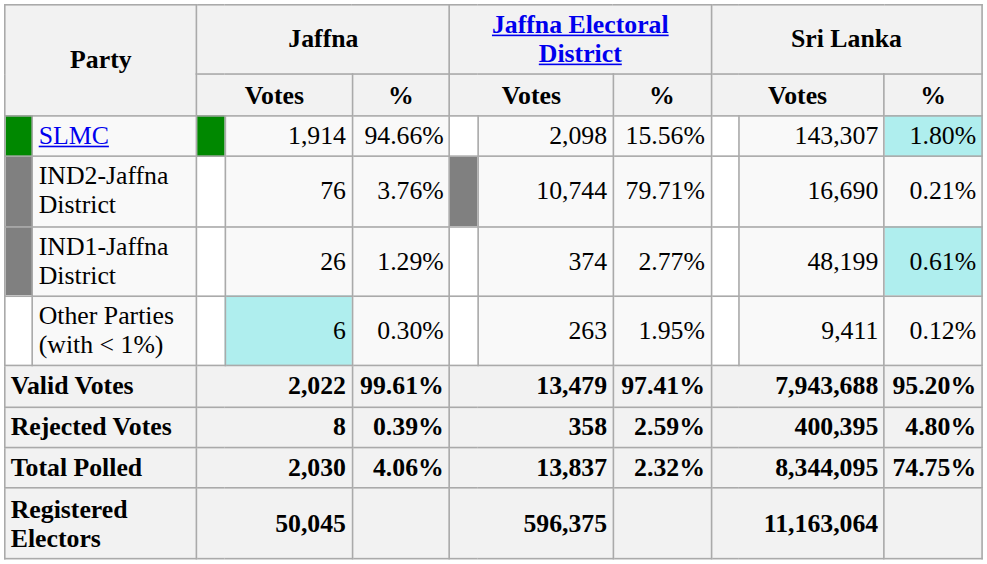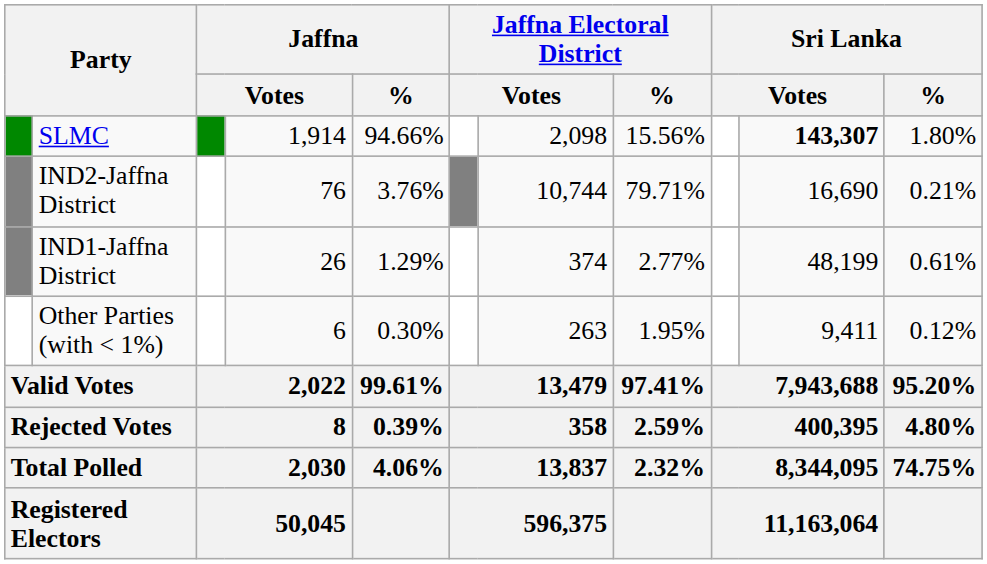 <table class="wikitable">
 <tr>
 <th colspan="2" width="144px"rowspan="2">Party</th>
 <th colspan="3" width="216px">Jaffna</th>
 <th colspan="3" width="216px"><a href='#'>Jaffna Electoral District</a></th>
 <th colspan="3" width="216px">Sri Lanka</th>
 </tr>
 <tr>
 <th colspan="2" width="144px">Votes</th>
 <th>%</th>
 <th colspan="2" width="144px">Votes</th>
 <th>%</th>
 <th colspan="2" width="144px">Votes</th>
 <th>%</th>
 </tr>
 <tr>
 <td style="background-color:#008800;" width="10px"></td>
 <td style="text-align:left;"><a href='#'>SLMC</a></td>
 <td style="background-color:#008800;" width="10px"></td>
 <td style="text-align:right;">1,914</td>
 <td style="text-align:right;">94.66%</td>
 <td style="background-color:white;" width="10px"></td>
 <td style="text-align:right;">2,098</td>
 <td style="text-align:right;">15.56%</td>
 <td style="background-color:white;" width="10px"></td>
-<td style="text-align:right;">143,307</td>
-<td style="background: paleturquoise; text-align:right;">1.80%</td>
+<td style="text-align:right;"><strong>143,307</strong></td>
+<td style="text-align:right;">1.80%</td>
 </tr>
 <tr>
 <td style="background-color:grey;" width="10px"></td>
 <td style="text-align:left;">IND2-Jaffna District</td>
 <td style="background-color:white;" width="10px"></td>
 <td style="text-align:right;">76</td>
 <td style="text-align:right;">3.76%</td>
 <td style="background-color:grey;" width="10px"></td>
 <td style="text-align:right;">10,744</td>
 <td style="text-align:right;">79.71%</td>
 <td style="background-color:white;" width="10px"></td>
 <td style="text-align:right;">16,690</td>
 <td style="text-align:right;">0.21%</td>
 </tr>
 <tr>
 <td style="background-color:grey;" width="10px"></td>
 <td style="text-align:left;">IND1-Jaffna District</td>
 <td style="background-color:white;" width="10px"></td>
 <td style="text-align:right;">26</td>
 <td style="text-align:right;">1.29%</td>
 <td style="background-color:white;" width="10px"></td>
 <td style="text-align:right;">374</td>
 <td style="text-align:right;">2.77%</td>
 <td style="background-color:white;" width="10px"></td>
 <td style="text-align:right;">48,199</td>
-<td style="background: paleturquoise; text-align:right;">0.61%</td>
+<td style="text-align:right;">0.61%</td>
 </tr>
 <tr>
 <td style="background-color:white;" width="10px"></td>
 <td style="text-align:left;">Other Parties (with < 1%)</td>
 <td style="background-color:white;" width="10px"></td>
-<td style="background: paleturquoise; text-align:right;">6</td>
+<td style="text-align:right;">6</td>
 <td style="text-align:right;">0.30%</td>
 <td style="background-color:white;" width="10px"></td>
 <td style="text-align:right;">263</td>
 <td style="text-align:right;">1.95%</td>
 <td style="background-color:white;" width="10px"></td>
 <td style="text-align:right;">9,411</td>
 <td style="text-align:right;">0.12%</td>
 </tr>
 <tr>
 <th colspan="2" width="144px"style="text-align:left;">Valid Votes</th>
 <th style="text-align:right;"colspan="2" width="144px">2,022</th>
 <th style="text-align:right;">99.61%</th>
 <th style="text-align:right;"colspan="2" width="144px">13,479</th>
 <th style="text-align:right;">97.41%</th>
 <th style="text-align:right;"colspan="2" width="144px">7,943,688</th>
 <th style="text-align:right;">95.20%</th>
 </tr>
 <tr>
 <th colspan="2" width="144px"style="text-align:left;">Rejected Votes</th>
 <th style="text-align:right;"colspan="2" width="144px">8</th>
 <th style="text-align:right;">0.39%</th>
 <th style="text-align:right;"colspan="2" width="144px">358</th>
 <th style="text-align:right;">2.59%</th>
 <th style="text-align:right;"colspan="2" width="144px">400,395</th>
 <th style="text-align:right;">4.80%</th>
 </tr>
 <tr>
 <th colspan="2" width="144px"style="text-align:left;">Total Polled</th>
 <th style="text-align:right;"colspan="2" width="144px">2,030</th>
 <th style="text-align:right;">4.06%</th>
 <th style="text-align:right;"colspan="2" width="144px">13,837</th>
 <th style="text-align:right;">2.32%</th>
 <th style="text-align:right;"colspan="2" width="144px">8,344,095</th>
 <th style="text-align:right;">74.75%</th>
 </tr>
 <tr>
 <th colspan="2" width="144px"style="text-align:left;">Registered Electors</th>
 <th style="text-align:right;"colspan="2" width="144px">50,045</th>
 <th></th>
 <th style="text-align:right;"colspan="2" width="144px">596,375</th>
 <th></th>
 <th style="text-align:right;"colspan="2" width="144px">11,163,064</th>
 <th></th>
 </tr>
 </table>
